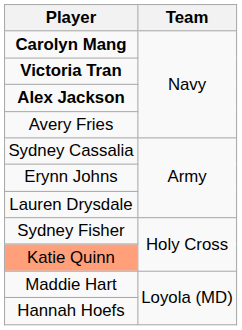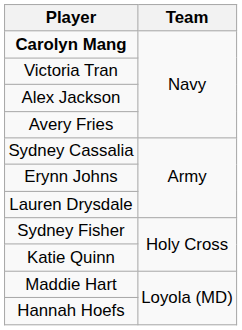 <table class="wikitable" style="text-align: center;">
 <tr>
 <th>Player</th>
 <th>Team</th>
 </tr>
 <tr>
 <td><strong>Carolyn Mang</strong></td>
 <td rowspan=4>Navy</td>
 </tr>
 <tr>
-<td><strong>Victoria Tran</strong></td>
+<td>Victoria Tran</td>
 </tr>
 <tr>
-<td><strong>Alex Jackson</strong></td>
+<td>Alex Jackson</td>
 </tr>
 <tr>
 <td>Avery Fries</td>
 </tr>
 <tr>
 <td>Sydney Cassalia</td>
 <td rowspan=3>Army</td>
 </tr>
 <tr>
 <td>Erynn Johns</td>
 </tr>
 <tr>
 <td>Lauren Drysdale</td>
 </tr>
 <tr>
 <td>Sydney Fisher</td>
 <td rowspan=2>Holy Cross</td>
 </tr>
 <tr>
-<td style="background: lightsalmon;">Katie Quinn</td>
+<td>Katie Quinn</td>
 </tr>
 <tr>
 <td>Maddie Hart</td>
 <td rowspan=2>Loyola (MD)</td>
 </tr>
 <tr>
 <td>Hannah Hoefs</td>
 </tr>
 </table>
